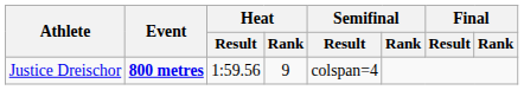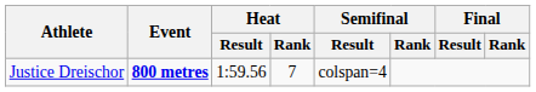 <table class="wikitable" style="font-size:90%">
 <tr>
 <th rowspan="2">Athlete</th>
 <th rowspan="2">Event</th>
 <th colspan="2">Heat</th>
 <th colspan="2">Semifinal</th>
 <th colspan="2">Final</th>
 </tr>
 <tr style="font-size:95%">
 <th>Result</th>
 <th>Rank</th>
 <th>Result</th>
 <th>Rank</th>
 <th>Result</th>
 <th>Rank</th>
 </tr>
 <tr align=center>
 <td align=left><a href='#'>Justice Dreischor</a></td>
 <td align=left><strong><a href='#'>800 metres</a></strong></td>
 <td>1:59.56</td>
-<td>9</td>
+<td>7</td>
 <td>colspan=4 </td>
 </tr>
 </table>
